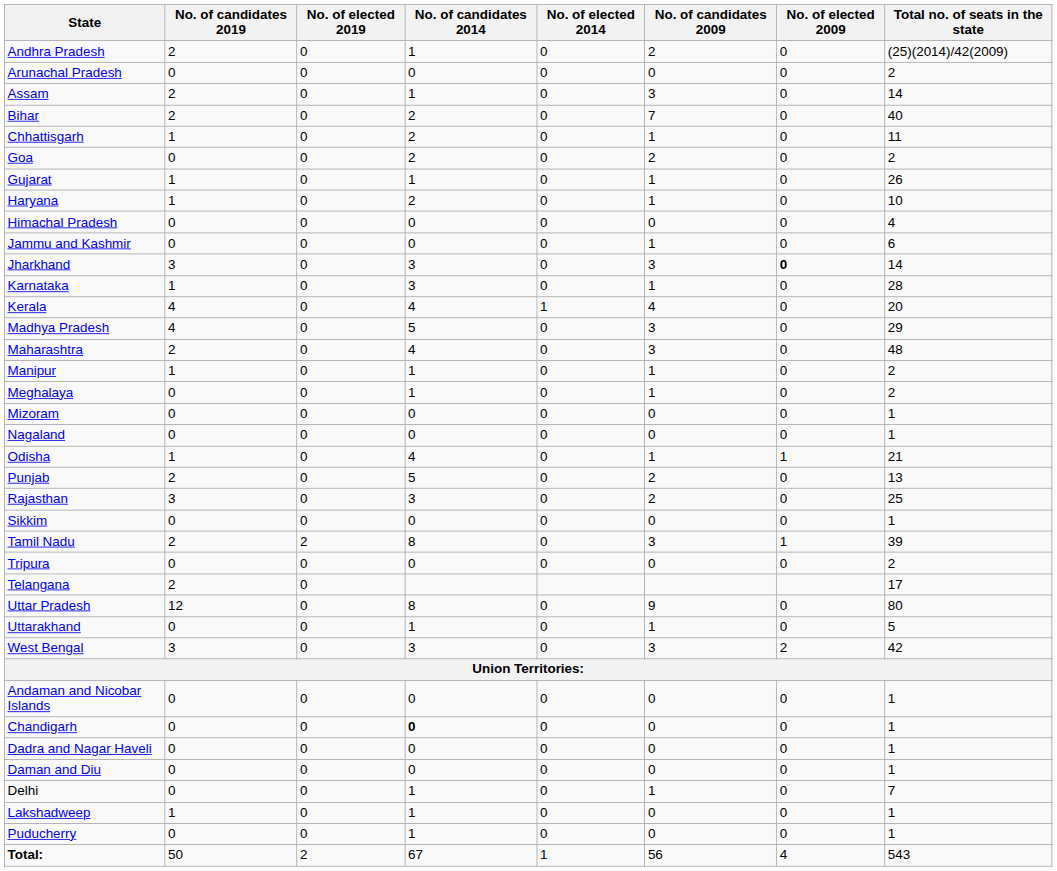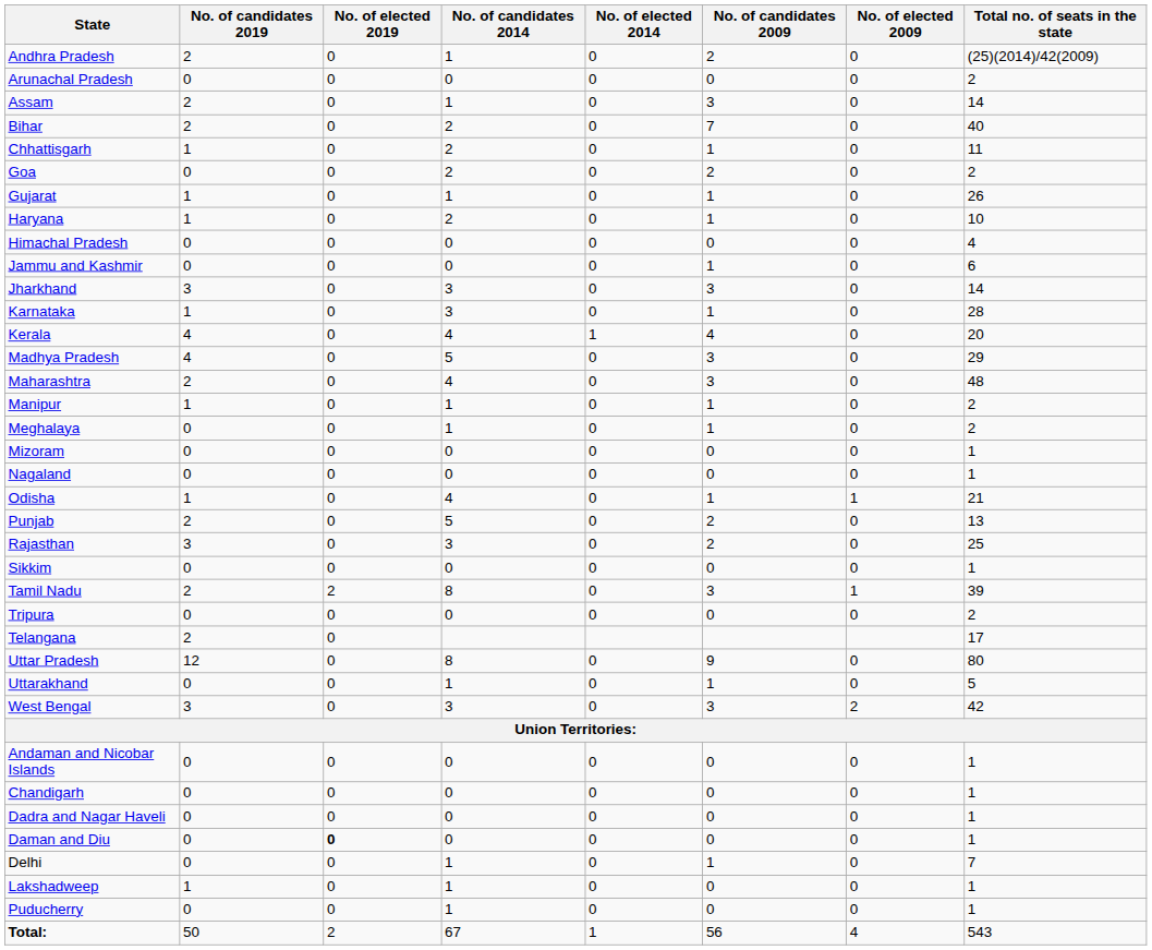 <table class="wikitable">
 <tr>
 <th>State</th>
 <th>No. of candidates 2019</th>
 <th>No. of elected 2019</th>
 <th>No. of candidates 2014</th>
 <th>No. of elected 2014</th>
 <th>No. of candidates 2009</th>
 <th>No. of elected 2009</th>
 <th>Total no. of seats in the state</th>
 </tr>
 <tr>
 <td><a href='#'>Andhra Pradesh</a></td>
 <td>2</td>
 <td>0</td>
 <td>1</td>
 <td>0</td>
 <td>2</td>
 <td>0</td>
 <td>(25)(2014)/42(2009)</td>
 </tr>
 <tr>
 <td><a href='#'>Arunachal Pradesh</a></td>
 <td>0</td>
 <td>0</td>
 <td>0</td>
 <td>0</td>
 <td>0</td>
 <td>0</td>
 <td>2</td>
 </tr>
 <tr>
 <td><a href='#'>Assam</a></td>
 <td>2</td>
 <td>0</td>
 <td>1</td>
 <td>0</td>
 <td>3</td>
 <td>0</td>
 <td>14</td>
 </tr>
 <tr>
 <td><a href='#'>Bihar</a></td>
 <td>2</td>
 <td>0</td>
 <td>2</td>
 <td>0</td>
 <td>7</td>
 <td>0</td>
 <td>40</td>
 </tr>
 <tr>
 <td><a href='#'>Chhattisgarh</a></td>
 <td>1</td>
 <td>0</td>
 <td>2</td>
 <td>0</td>
 <td>1</td>
 <td>0</td>
 <td>11</td>
 </tr>
 <tr>
 <td><a href='#'>Goa</a></td>
 <td>0</td>
 <td>0</td>
 <td>2</td>
 <td>0</td>
 <td>2</td>
 <td>0</td>
 <td>2</td>
 </tr>
 <tr>
 <td><a href='#'>Gujarat</a></td>
 <td>1</td>
 <td>0</td>
 <td>1</td>
 <td>0</td>
 <td>1</td>
 <td>0</td>
 <td>26</td>
 </tr>
 <tr>
 <td><a href='#'>Haryana</a></td>
 <td>1</td>
 <td>0</td>
 <td>2</td>
 <td>0</td>
 <td>1</td>
 <td>0</td>
 <td>10</td>
 </tr>
 <tr>
 <td><a href='#'>Himachal Pradesh</a></td>
 <td>0</td>
 <td>0</td>
 <td>0</td>
 <td>0</td>
 <td>0</td>
 <td>0</td>
 <td>4</td>
 </tr>
 <tr>
 <td><a href='#'>Jammu and Kashmir</a></td>
 <td>0</td>
 <td>0</td>
 <td>0</td>
 <td>0</td>
 <td>1</td>
 <td>0</td>
 <td>6</td>
 </tr>
 <tr>
 <td><a href='#'>Jharkhand</a></td>
 <td>3</td>
 <td>0</td>
 <td>3</td>
 <td>0</td>
 <td>3</td>
-<td><strong>0</strong></td>
+<td>0</td>
 <td>14</td>
 </tr>
 <tr>
 <td><a href='#'>Karnataka</a></td>
 <td>1</td>
 <td>0</td>
 <td>3</td>
 <td>0</td>
 <td>1</td>
 <td>0</td>
 <td>28</td>
 </tr>
 <tr>
 <td><a href='#'>Kerala</a></td>
 <td>4</td>
 <td>0</td>
 <td>4</td>
 <td>1</td>
 <td>4</td>
 <td>0</td>
 <td>20</td>
 </tr>
 <tr>
 <td><a href='#'>Madhya Pradesh</a></td>
 <td>4</td>
 <td>0</td>
 <td>5</td>
 <td>0</td>
 <td>3</td>
 <td>0</td>
 <td>29</td>
 </tr>
 <tr>
 <td><a href='#'>Maharashtra</a></td>
 <td>2</td>
 <td>0</td>
 <td>4</td>
 <td>0</td>
 <td>3</td>
 <td>0</td>
 <td>48</td>
 </tr>
 <tr>
 <td><a href='#'>Manipur</a></td>
 <td>1</td>
 <td>0</td>
 <td>1</td>
 <td>0</td>
 <td>1</td>
 <td>0</td>
 <td>2</td>
 </tr>
 <tr>
 <td><a href='#'>Meghalaya</a></td>
 <td>0</td>
 <td>0</td>
 <td>1</td>
 <td>0</td>
 <td>1</td>
 <td>0</td>
 <td>2</td>
 </tr>
 <tr>
 <td><a href='#'>Mizoram</a></td>
 <td>0</td>
 <td>0</td>
 <td>0</td>
 <td>0</td>
 <td>0</td>
 <td>0</td>
 <td>1</td>
 </tr>
 <tr>
 <td><a href='#'>Nagaland</a></td>
 <td>0</td>
 <td>0</td>
 <td>0</td>
 <td>0</td>
 <td>0</td>
 <td>0</td>
 <td>1</td>
 </tr>
 <tr>
 <td><a href='#'>Odisha</a></td>
 <td>1</td>
 <td>0</td>
 <td>4</td>
 <td>0</td>
 <td>1</td>
 <td>1</td>
 <td>21</td>
 </tr>
 <tr>
 <td><a href='#'>Punjab</a></td>
 <td>2</td>
 <td>0</td>
 <td>5</td>
 <td>0</td>
 <td>2</td>
 <td>0</td>
 <td>13</td>
 </tr>
 <tr>
 <td><a href='#'>Rajasthan</a></td>
 <td>3</td>
 <td>0</td>
 <td>3</td>
 <td>0</td>
 <td>2</td>
 <td>0</td>
 <td>25</td>
 </tr>
 <tr>
 <td><a href='#'>Sikkim</a></td>
 <td>0</td>
 <td>0</td>
 <td>0</td>
 <td>0</td>
 <td>0</td>
 <td>0</td>
 <td>1</td>
 </tr>
 <tr>
 <td><a href='#'>Tamil Nadu</a></td>
 <td>2</td>
 <td>2</td>
 <td>8</td>
 <td>0</td>
 <td>3</td>
 <td>1</td>
 <td>39</td>
 </tr>
 <tr>
 <td><a href='#'>Tripura</a></td>
 <td>0</td>
 <td>0</td>
 <td>0</td>
 <td>0</td>
 <td>0</td>
 <td>0</td>
 <td>2</td>
 </tr>
 <tr>
 <td><a href='#'>Telangana</a></td>
 <td>2</td>
 <td>0</td>
 <td></td>
 <td></td>
 <td></td>
 <td></td>
 <td>17</td>
 </tr>
 <tr>
 <td><a href='#'>Uttar Pradesh</a></td>
 <td>12</td>
 <td>0</td>
 <td>8</td>
 <td>0</td>
 <td>9</td>
 <td>0</td>
 <td>80</td>
 </tr>
 <tr>
 <td><a href='#'>Uttarakhand</a></td>
 <td>0</td>
 <td>0</td>
 <td>1</td>
 <td>0</td>
 <td>1</td>
 <td>0</td>
 <td>5</td>
 </tr>
 <tr>
 <td><a href='#'>West Bengal</a></td>
 <td>3</td>
 <td>0</td>
 <td>3</td>
 <td>0</td>
 <td>3</td>
 <td>2</td>
 <td>42</td>
 </tr>
 <tr>
 <th colspan="8">Union Territories:</th>
 </tr>
 <tr>
 <td><a href='#'>Andaman and Nicobar Islands</a></td>
 <td>0</td>
 <td>0</td>
 <td>0</td>
 <td>0</td>
 <td>0</td>
 <td>0</td>
 <td>1</td>
 </tr>
 <tr>
 <td><a href='#'>Chandigarh</a></td>
 <td>0</td>
 <td>0</td>
-<td><strong>0</strong></td>
+<td>0</td>
 <td>0</td>
 <td>0</td>
 <td>0</td>
 <td>1</td>
 </tr>
 <tr>
 <td><a href='#'>Dadra and Nagar Haveli</a></td>
 <td>0</td>
 <td>0</td>
 <td>0</td>
 <td>0</td>
 <td>0</td>
 <td>0</td>
 <td>1</td>
 </tr>
 <tr>
 <td><a href='#'>Daman and Diu</a></td>
 <td>0</td>
-<td>0</td>
+<td><strong>0</strong></td>
 <td>0</td>
 <td>0</td>
 <td>0</td>
 <td>0</td>
 <td>1</td>
 </tr>
 <tr>
 <td>Delhi</td>
 <td>0</td>
 <td>0</td>
 <td>1</td>
 <td>0</td>
 <td>1</td>
 <td>0</td>
 <td>7</td>
 </tr>
 <tr>
 <td><a href='#'>Lakshadweep</a></td>
 <td>1</td>
 <td>0</td>
 <td>1</td>
 <td>0</td>
 <td>0</td>
 <td>0</td>
 <td>1</td>
 </tr>
 <tr>
 <td><a href='#'>Puducherry</a></td>
 <td>0</td>
 <td>0</td>
 <td>1</td>
 <td>0</td>
 <td>0</td>
 <td>0</td>
 <td>1</td>
 </tr>
 <tr>
 <td><strong>Total:</strong></td>
 <td>50</td>
 <td>2</td>
 <td>67</td>
 <td>1</td>
 <td>56</td>
 <td>4</td>
 <td>543</td>
 </tr>
 </table>
